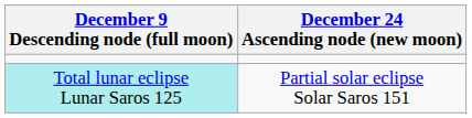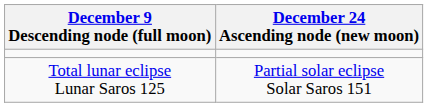 <table class="wikitable">
 <tr>
 <th><a href='#'>December 9</a><br>Descending node (full moon)<br></th>
 <th><a href='#'>December 24</a><br>Ascending node (new moon)<br></th>
 </tr>
 <tr>
 <td></td>
 <td></td>
 </tr>
 <tr align=center>
-<td style="background: paleturquoise;"><a href='#'>Total lunar eclipse</a><br>Lunar Saros 125</td>
+<td><a href='#'>Total lunar eclipse</a><br>Lunar Saros 125</td>
 <td><a href='#'>Partial solar eclipse</a><br>Solar Saros 151</td>
 </tr>
 </table>
